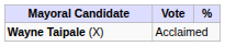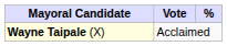 <table class="wikitable">
 <tr>
 <th style="background:#ddf; width:200px;">Mayoral Candidate</th>
 <th style="background:#ddf; width:50px;">Vote</th>
 <th style="background:#ddf; width:30px;">%</th>
 </tr>
 <tr>
-<td><strong>Wayne Taipale</strong> (X)</td>
+<td style="background: lightyellow;"><strong>Wayne Taipale</strong> (X)</td>
 <td colspan="2">Acclaimed</td>
 </tr>
 </table>
